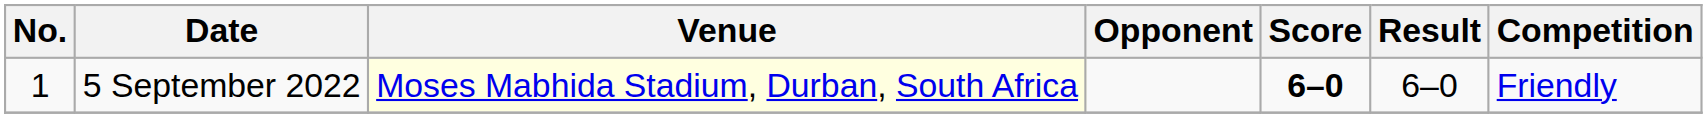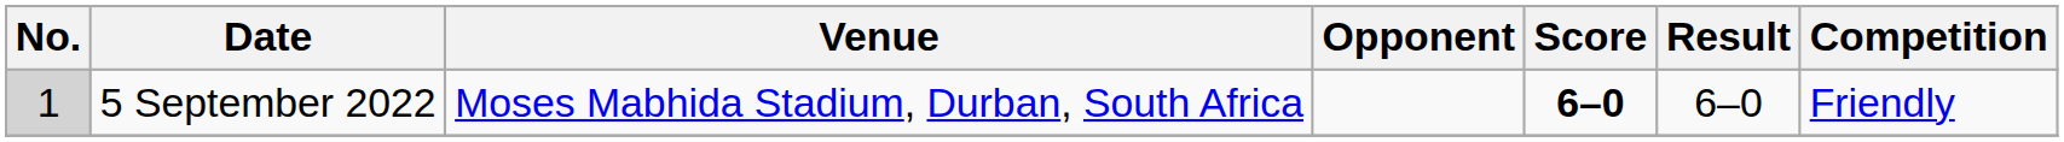 <table class="wikitable">
 <tr>
 <th scope="col">No.</th>
 <th scope="col">Date</th>
 <th scope="col">Venue</th>
 <th scope="col">Opponent</th>
 <th scope="col">Score</th>
 <th scope="col">Result</th>
 <th scope="col">Competition</th>
 </tr>
 <tr>
-<td align=center>1</td>
+<td align=center style="background: lightgrey;">1</td>
 <td>5 September 2022</td>
-<td style="background: lightyellow;"><a href='#'>Moses Mabhida Stadium</a>, <a href='#'>Durban</a>, <a href='#'>South Africa</a></td>
+<td><a href='#'>Moses Mabhida Stadium</a>, <a href='#'>Durban</a>, <a href='#'>South Africa</a></td>
 <td></td>
 <td align=center><strong>6–0</strong></td>
 <td align=center>6–0</td>
 <td><a href='#'>Friendly</a></td>
 </tr>
 <tr>
 </tr>
 </table>
